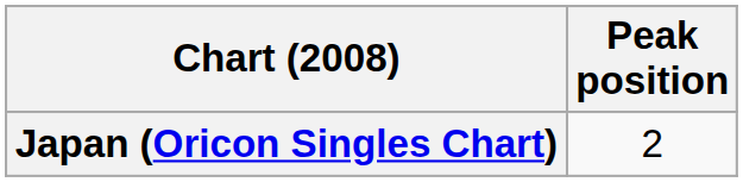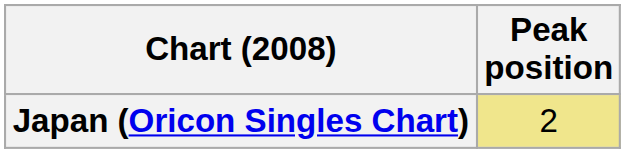 <table class="wikitable plainrowheaders" style="text-align:center">
 <tr>
 <th scope="col">Chart (2008)</th>
 <th scope="col">Peak<br> position</th>
 </tr>
 <tr>
 <th scope="row">Japan (<a href='#'>Oricon Singles Chart</a>)</th>
-<td>2</td>
+<td style="background: khaki;">2</td>
 </tr>
 </table>
